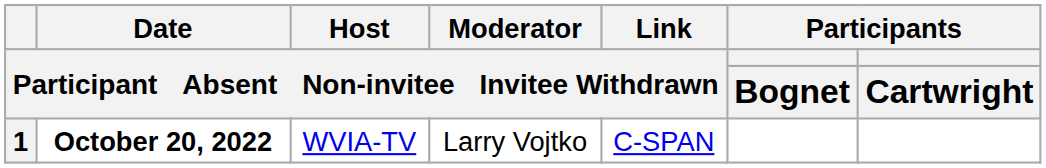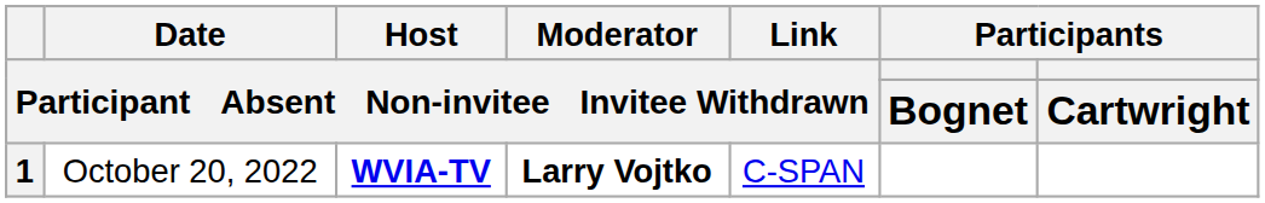 <table class="wikitable" style="text-align:center;">
 <tr style="font-size:small;">
 <th scope="col"></th>
 <th scope="col">Date</th>
 <th scope="col">Host</th>
 <th scope="col">Moderator</th>
 <th scope="col">Link</th>
 <th scope="col" colspan="5">Participants</th>
 </tr>
 <tr>
 <th colspan="5" rowspan="2"> <small>Participant  </small> <small>Absent  </small> <small>Non-invitee  </small> <small>Invitee Withdrawn</small></th>
 <th scope="col" style="background:"></th>
 <th scope="col" style="background:"></th>
 </tr>
 <tr>
 <th scope="col">Bognet</th>
 <th scope="col">Cartwright</th>
 </tr>
 <tr style="background:#fff; font-size:small;">
 <th scope="row">1</th>
-<td style="white-space:nowrap;"><strong>October 20, 2022</strong></td>
-<td style="white-space:nowrap;"><a href='#'>WVIA-TV</a></td>
-<td style="white-space:nowrap;">Larry Vojtko</td>
+<td style="white-space:nowrap;">October 20, 2022</td>
+<td style="white-space:nowrap;"><strong><a href='#'>WVIA-TV</a></strong></td>
+<td style="white-space:nowrap;"><strong>Larry Vojtko</strong></td>
 <td style="white-space:nowrap;"><a href='#'>C-SPAN</a></td>
 <td></td>
 <td></td>
 </tr>
 </table>
